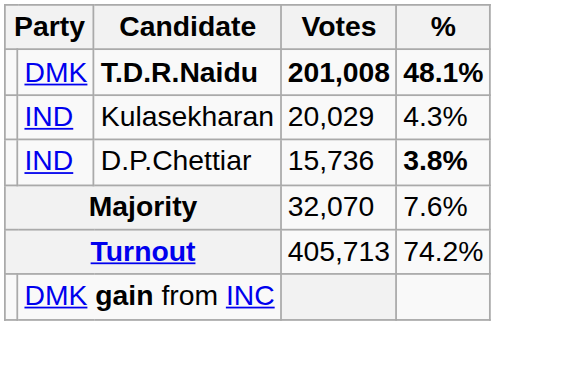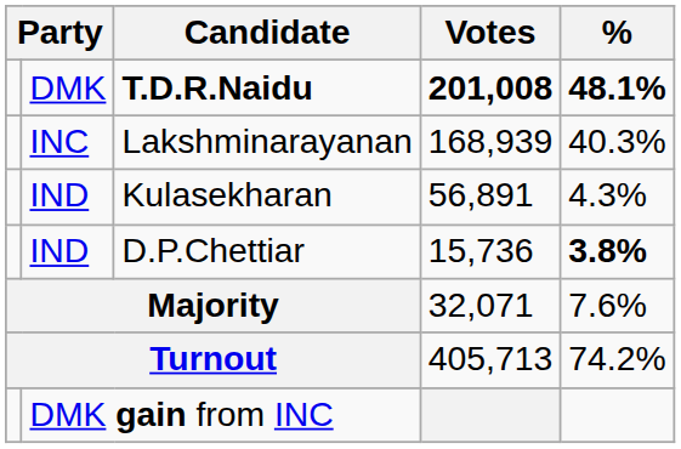 <table class="wikitable">
 <tr>
 <th colspan="2">Party</th>
 <th>Candidate</th>
 <th>Votes</th>
 <th>%</th>
 </tr>
 <tr>
 <td></td>
 <td><a href='#'>DMK</a></td>
 <td><strong>T.D.R.Naidu</strong></td>
 <td><strong>201,008</strong></td>
 <td><strong>48.1%</strong></td>
 </tr>
 <tr>
 <td></td>
+<td><a href='#'>INC</a></td>
+<td>Lakshminarayanan</td>
+<td>168,939</td>
+<td>40.3%</td>
+</tr>
+<tr>
+<td></td>
 <td><a href='#'>IND</a></td>
 <td>Kulasekharan</td>
-<td>20,029</td>
+<td>56,891</td>
 <td>4.3%</td>
 </tr>
 <tr>
 <td></td>
 <td><a href='#'>IND</a></td>
 <td>D.P.Chettiar</td>
 <td>15,736</td>
 <td><strong>3.8%</strong></td>
 </tr>
 <tr>
 <th colspan="3">Majority</th>
-<td>32,070</td>
+<td>32,071</td>
 <td>7.6%</td>
 </tr>
 <tr>
 <th colspan="3"><a href='#'>Turnout</a></th>
 <td>405,713</td>
 <td>74.2%</td>
 </tr>
 <tr>
 <td></td>
 <td colspan="2"><a href='#'>DMK</a> <strong>gain</strong> from <a href='#'>INC</a></td>
 <th></th>
 <td></td>
 </tr>
 </table>
